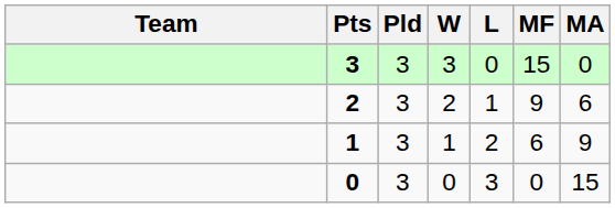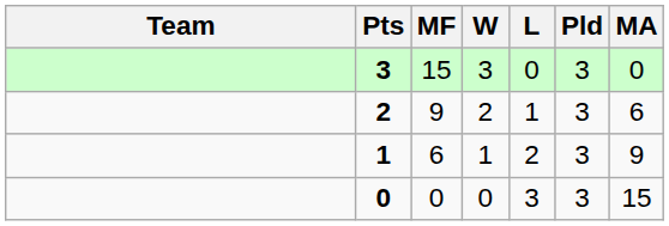 <table class=wikitable style="text-align:center">
 <tr>
 <th width=200>Team</th>
 <th width=20>Pts</th>
-<th width=20>Pld</th>
+<th width=20>MF</th>
 <th width=20>W</th>
 <th width=20>L</th>
-<th width=20>MF</th>
+<th width=20>Pld</th>
 <th width=20>MA</th>
 </tr>
 <tr bgcolor=ccffcc>
 <td style="text-align:left"><strong></strong></td>
 <td><strong>3</strong></td>
-<td>3</td>
+<td>15</td>
 <td>3</td>
 <td>0</td>
-<td>15</td>
+<td>3</td>
 <td>0</td>
 </tr>
 <tr>
 <td style="text-align:left"></td>
 <td><strong>2</strong></td>
-<td>3</td>
+<td>9</td>
 <td>2</td>
 <td>1</td>
-<td>9</td>
+<td>3</td>
 <td>6</td>
 </tr>
 <tr>
 <td style="text-align:left"></td>
 <td><strong>1</strong></td>
-<td>3</td>
+<td>6</td>
 <td>1</td>
 <td>2</td>
-<td>6</td>
+<td>3</td>
 <td>9</td>
 </tr>
 <tr>
 <td style="text-align:left"></td>
 <td><strong>0</strong></td>
-<td>3</td>
+<td>0</td>
 <td>0</td>
 <td>3</td>
-<td>0</td>
+<td>3</td>
 <td>15</td>
 </tr>
 </table>
